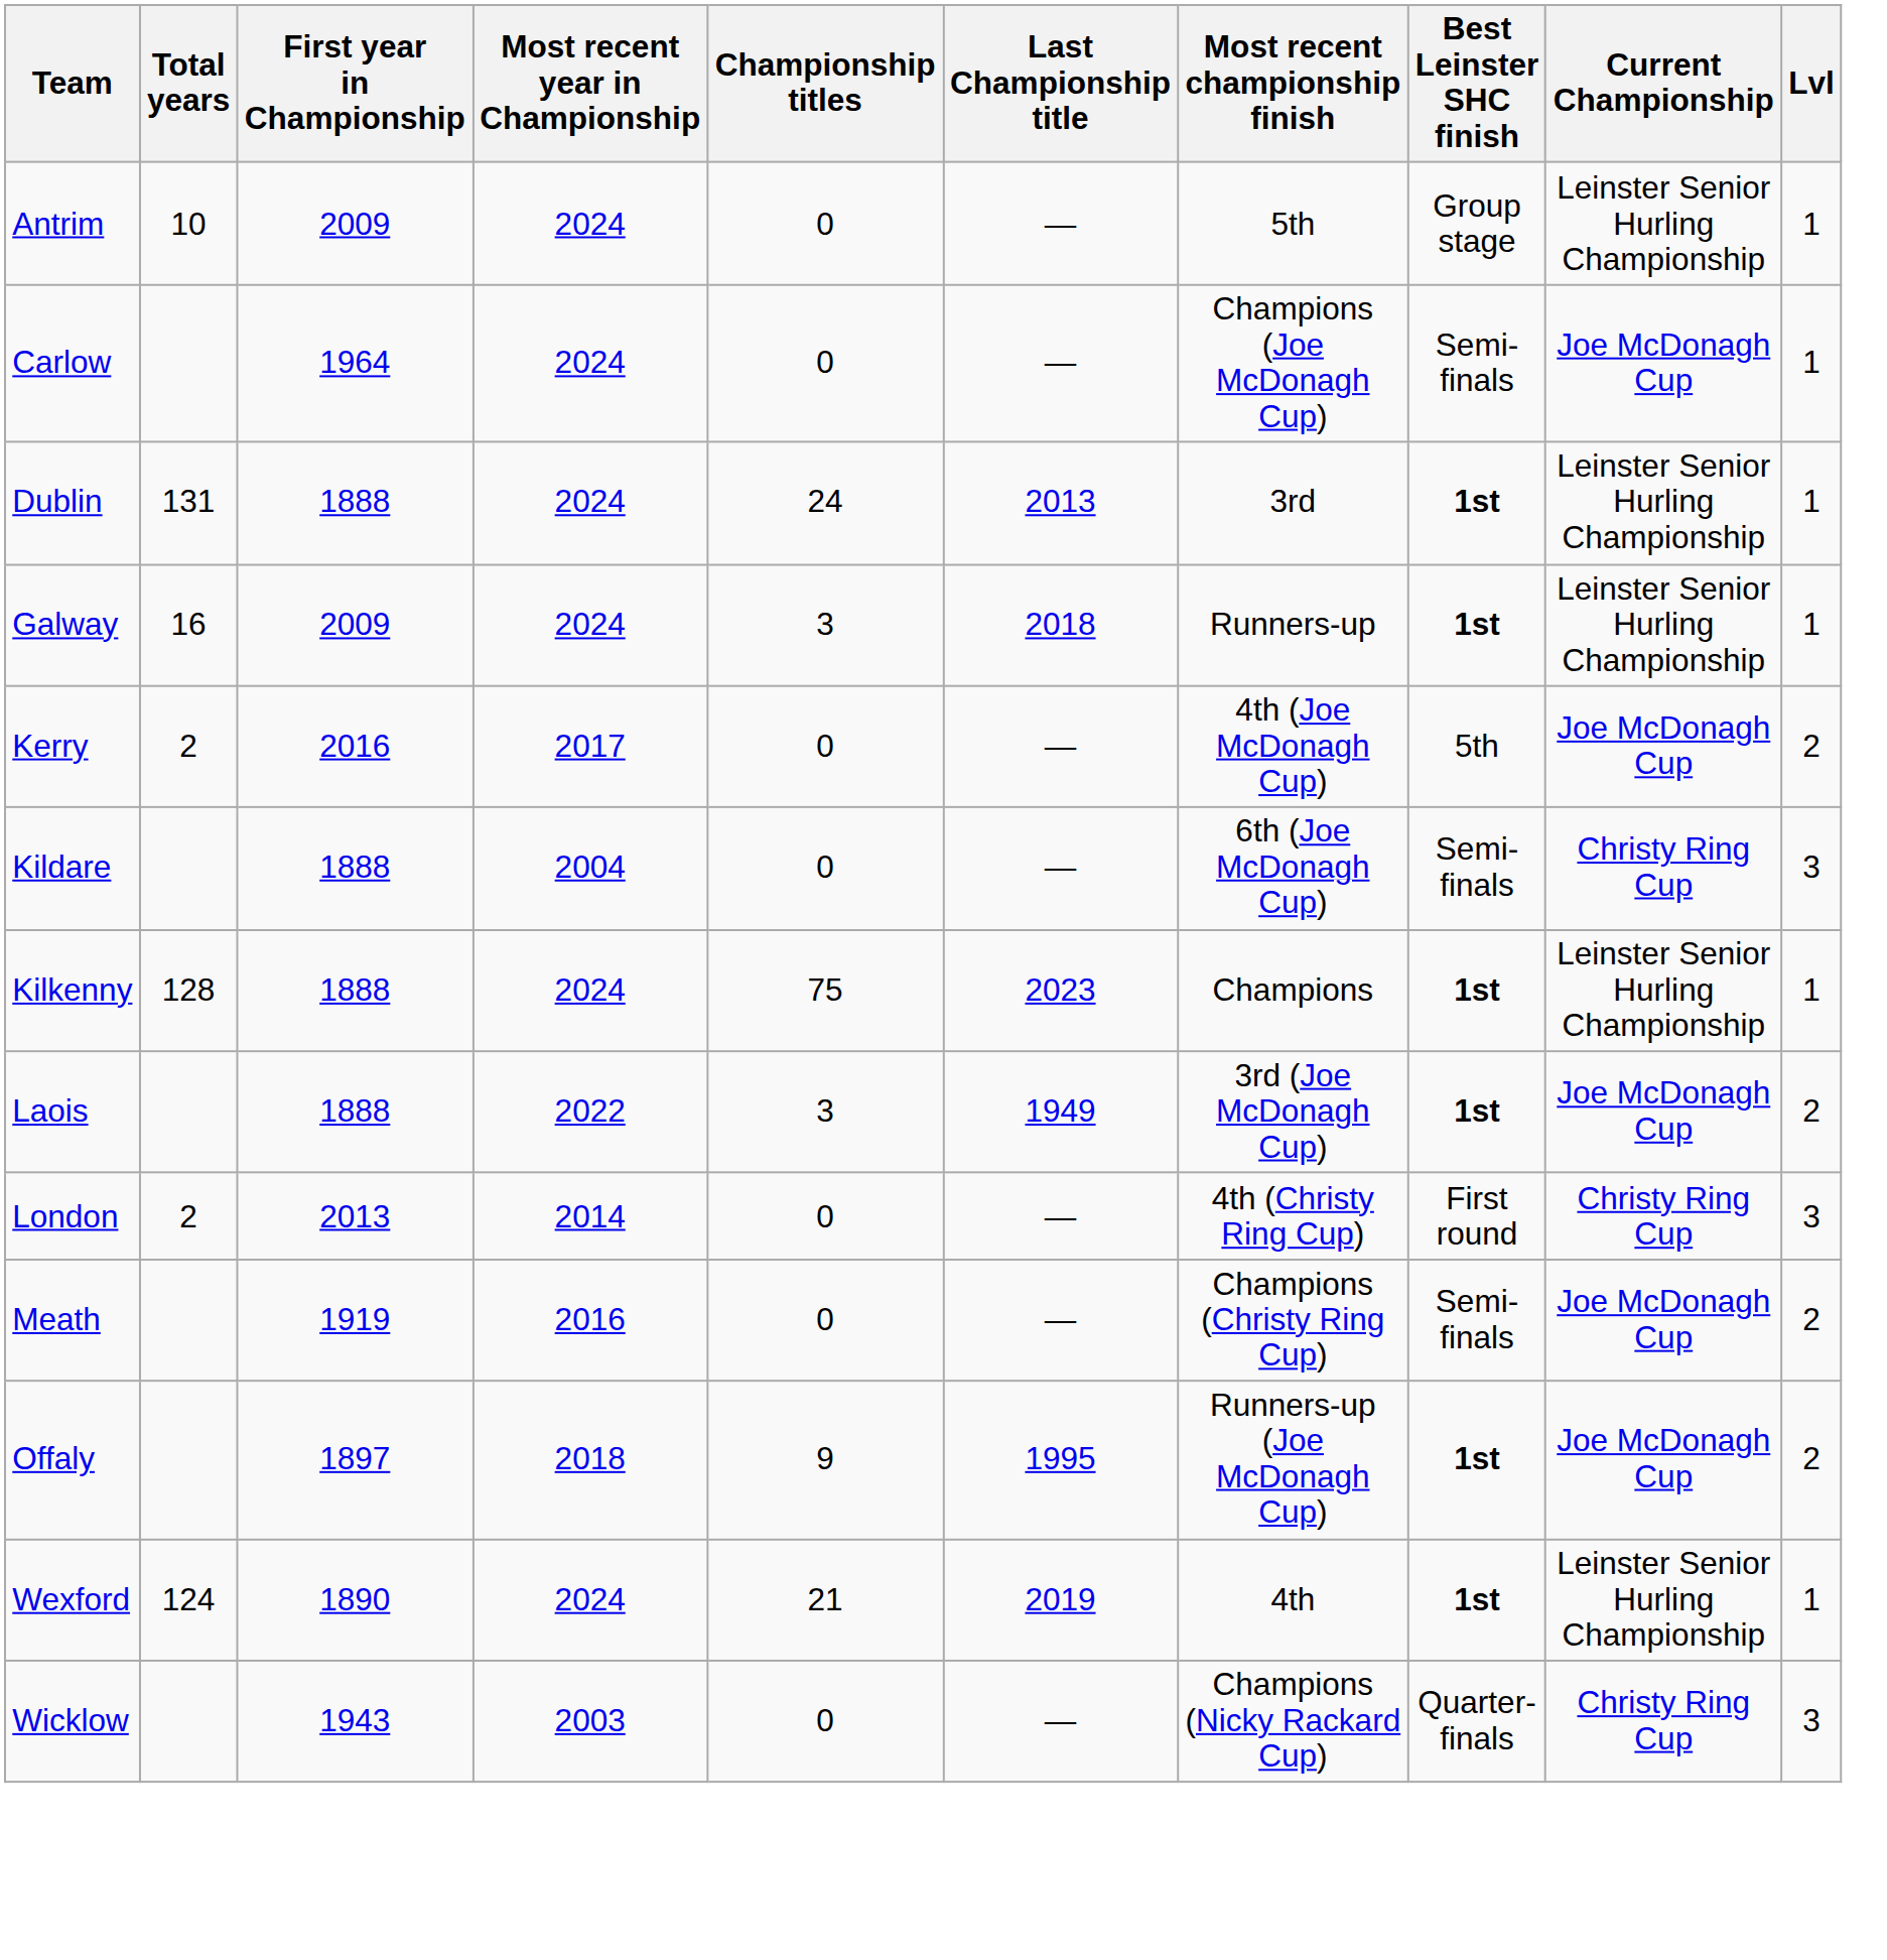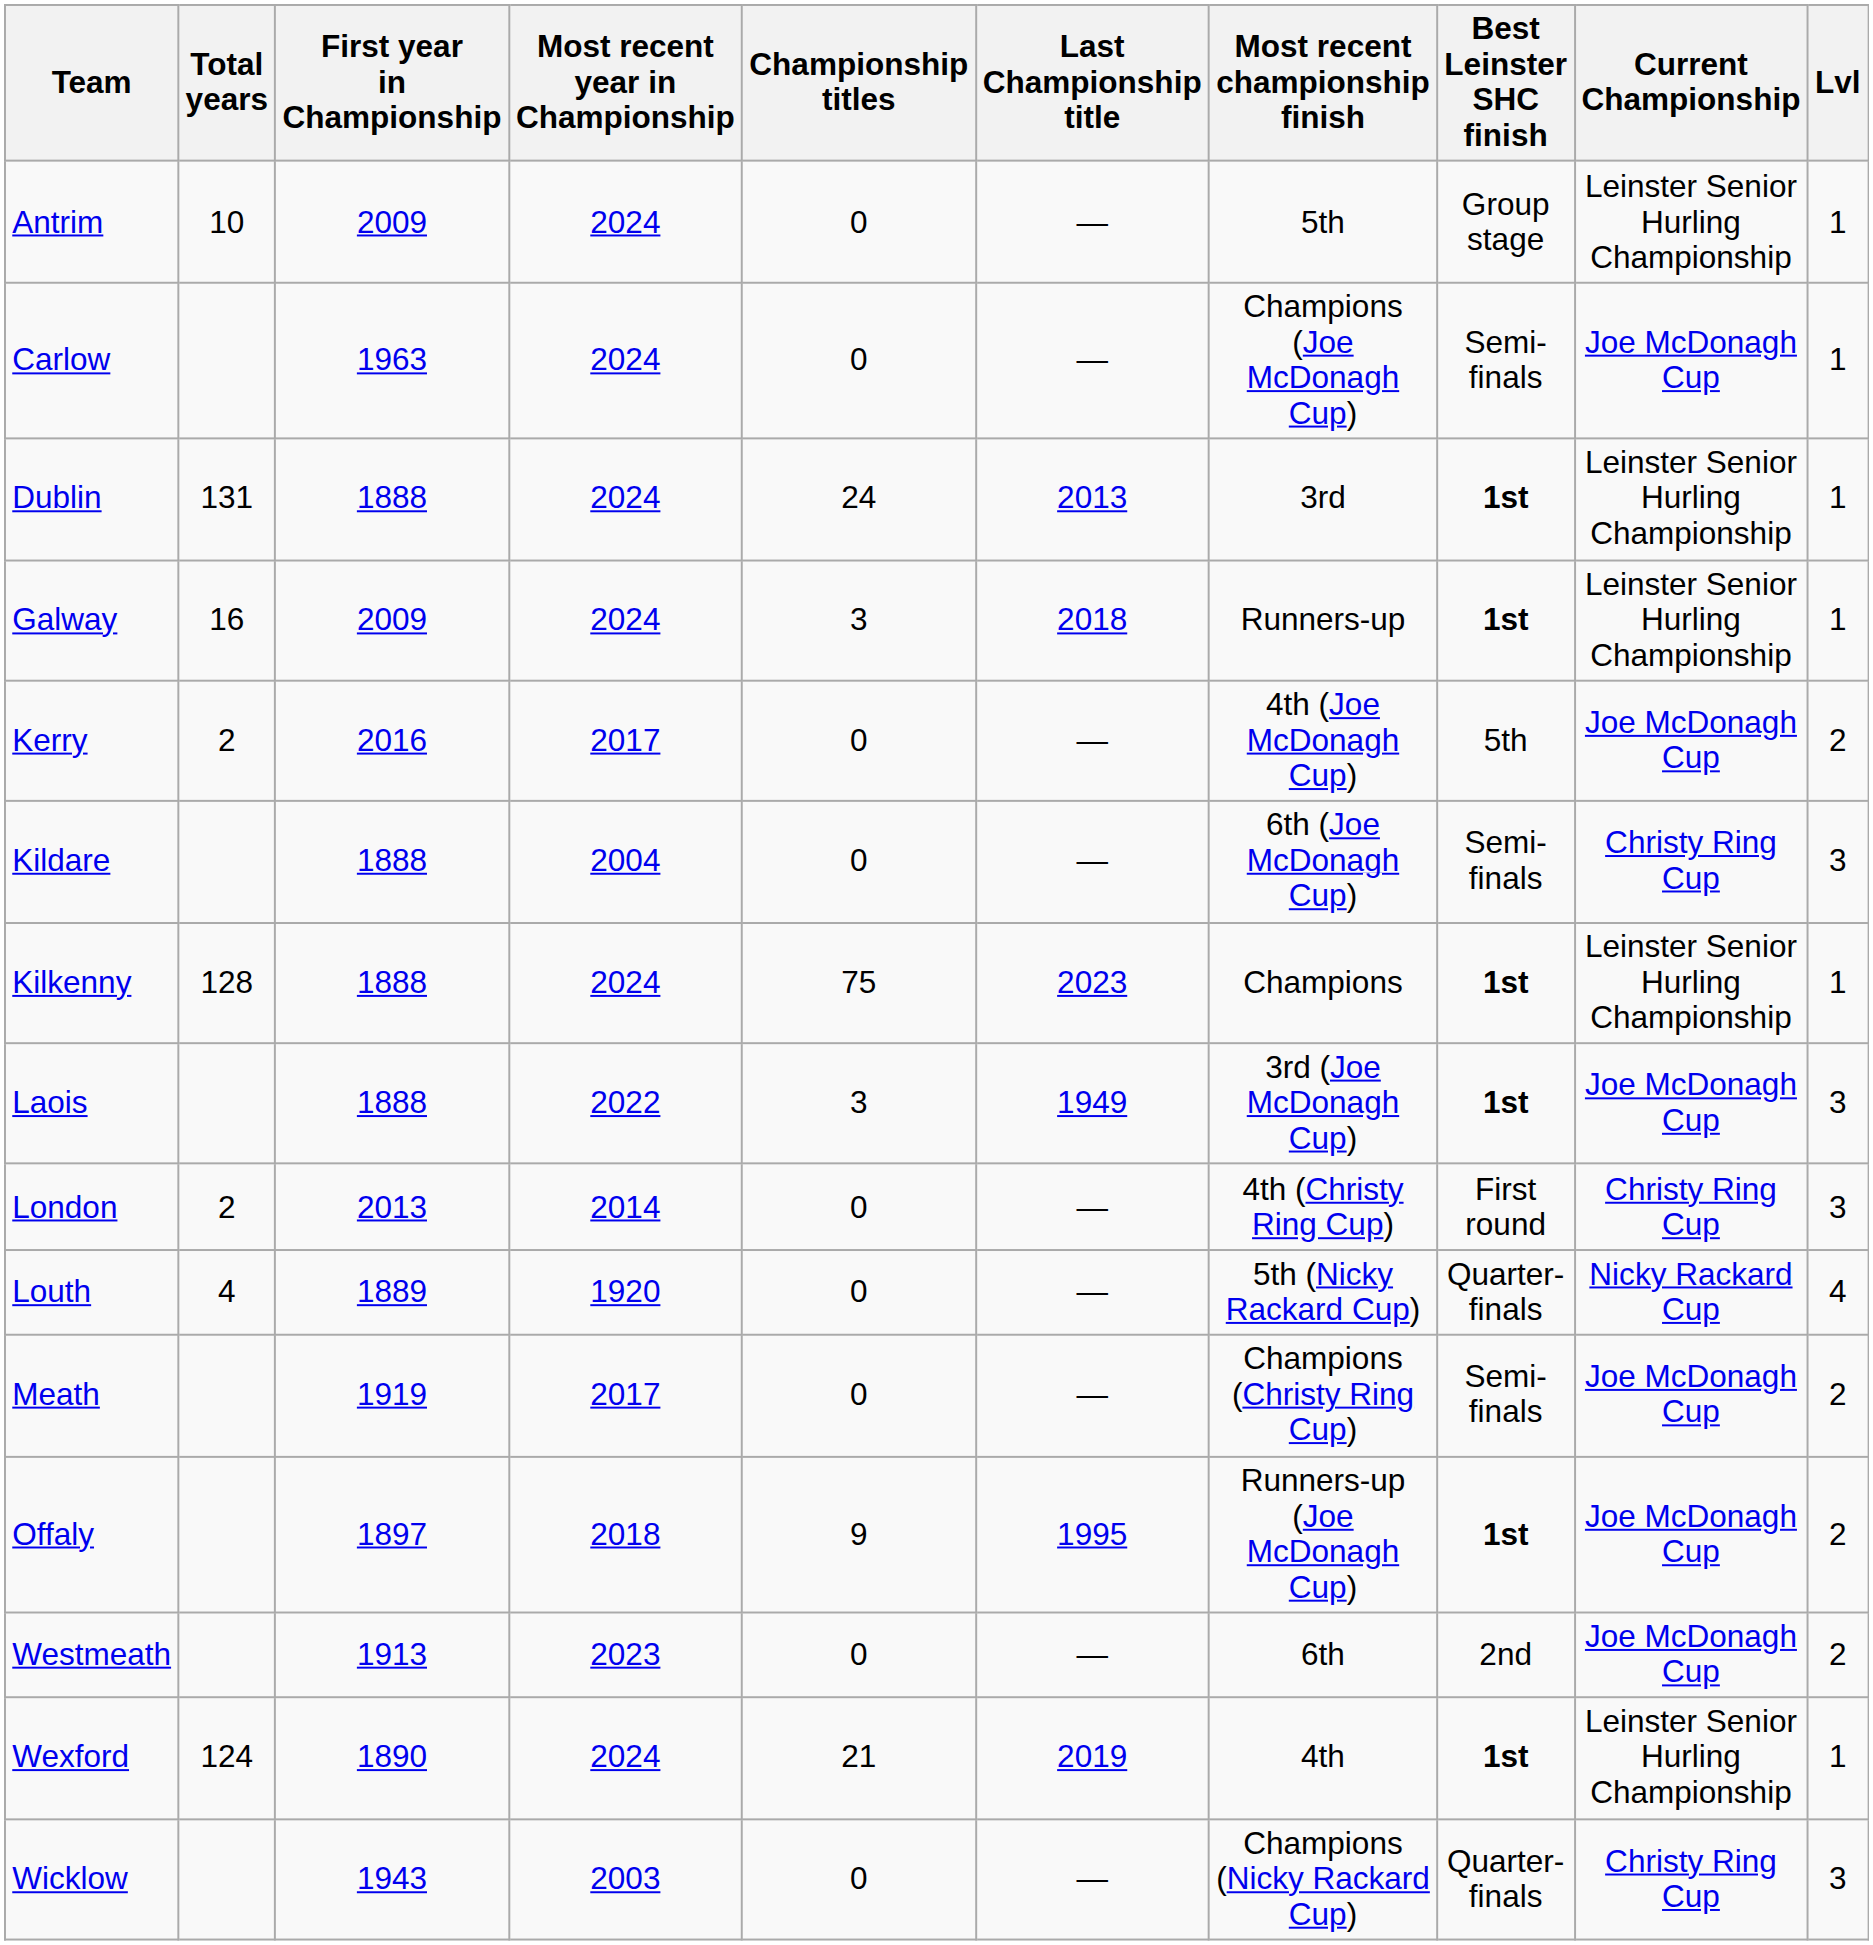 <table class="wikitable sortable" style="text-align:center">
 <tr>
 <th>Team</th>
 <th>Total years</th>
 <th>First year<br>in Championship</th>
 <th>Most recent<br>year in Championship</th>
 <th>Championship<br>titles</th>
 <th>Last<br>Championship title</th>
 <th>Most recent championship finish</th>
 <th>Best Leinster SHC finish</th>
 <th>Current<br>Championship</th>
 <th>Lvl</th>
 </tr>
 <tr>
 <td style="text-align:left"><a href='#'>Antrim</a></td>
 <td>10</td>
 <td><a href='#'>2009</a></td>
 <td><a href='#'>2024</a></td>
 <td>0</td>
 <td>—</td>
 <td>5th</td>
 <td>Group stage</td>
 <td>Leinster Senior Hurling Championship</td>
 <td>1</td>
 </tr>
 <tr>
 <td style="text-align:left"><a href='#'>Carlow</a></td>
 <td></td>
-<td><a href='#'>1964</a></td>
+<td><a href='#'>1963</a></td>
 <td><a href='#'>2024</a></td>
 <td>0</td>
 <td>—</td>
 <td>Champions (<a href='#'>Joe McDonagh Cup</a>)</td>
 <td>Semi-finals</td>
 <td><a href='#'>Joe McDonagh Cup</a></td>
 <td>1</td>
 </tr>
 <tr>
 <td style="text-align:left"><a href='#'>Dublin</a></td>
 <td>131</td>
 <td><a href='#'>1888</a></td>
 <td><a href='#'>2024</a></td>
 <td>24</td>
 <td><a href='#'>2013</a></td>
 <td>3rd</td>
 <td><strong>1st</strong></td>
 <td>Leinster Senior Hurling Championship</td>
 <td>1</td>
 </tr>
 <tr>
 <td style="text-align:left"><a href='#'>Galway</a></td>
 <td>16</td>
 <td><a href='#'>2009</a></td>
 <td><a href='#'>2024</a></td>
 <td>3</td>
 <td><a href='#'>2018</a></td>
 <td>Runners-up</td>
 <td><strong>1st</strong></td>
 <td>Leinster Senior Hurling Championship</td>
 <td>1</td>
 </tr>
 <tr>
 <td style="text-align:left"><a href='#'>Kerry</a></td>
 <td>2</td>
 <td><a href='#'>2016</a></td>
 <td><a href='#'>2017</a></td>
 <td>0</td>
 <td>—</td>
 <td>4th (<a href='#'>Joe McDonagh Cup</a>)</td>
 <td>5th</td>
 <td><a href='#'>Joe McDonagh Cup</a></td>
 <td>2</td>
 </tr>
 <tr>
 <td style="text-align:left"><a href='#'>Kildare</a></td>
 <td></td>
 <td><a href='#'>1888</a></td>
 <td><a href='#'>2004</a></td>
 <td>0</td>
 <td>—</td>
 <td>6th (<a href='#'>Joe McDonagh Cup</a>)</td>
 <td>Semi-finals</td>
 <td><a href='#'>Christy Ring Cup</a></td>
 <td>3</td>
 </tr>
 <tr>
 <td style="text-align:left"><a href='#'>Kilkenny</a></td>
 <td>128</td>
 <td><a href='#'>1888</a></td>
 <td><a href='#'>2024</a></td>
 <td>75</td>
 <td><a href='#'>2023</a></td>
 <td>Champions</td>
 <td><strong>1st</strong></td>
 <td>Leinster Senior Hurling Championship</td>
 <td>1</td>
 </tr>
 <tr>
 <td style="text-align:left"><a href='#'>Laois</a></td>
 <td></td>
 <td><a href='#'>1888</a></td>
 <td><a href='#'>2022</a></td>
 <td>3</td>
 <td><a href='#'>1949</a></td>
 <td>3rd (<a href='#'>Joe McDonagh Cup</a>)</td>
 <td><strong>1st</strong></td>
 <td><a href='#'>Joe McDonagh Cup</a></td>
-<td>2</td>
+<td>3</td>
 </tr>
 <tr>
 <td style="text-align:left"><a href='#'>London</a></td>
 <td>2</td>
 <td><a href='#'>2013</a></td>
 <td><a href='#'>2014</a></td>
 <td>0</td>
 <td>—</td>
 <td>4th (<a href='#'>Christy Ring Cup</a>)</td>
 <td>First round</td>
 <td><a href='#'>Christy Ring Cup</a></td>
 <td>3</td>
 </tr>
 <tr>
+<td style="text-align:left"><a href='#'>Louth</a></td>
+<td>4</td>
+<td><a href='#'>1889</a></td>
+<td><a href='#'>1920</a></td>
+<td>0</td>
+<td>—</td>
+<td>5th (<a href='#'>Nicky Rackard Cup</a>)</td>
+<td>Quarter-finals</td>
+<td><a href='#'>Nicky Rackard Cup</a></td>
+<td>4</td>
+</tr>
+<tr>
 <td style="text-align:left"><a href='#'>Meath</a></td>
 <td></td>
 <td><a href='#'>1919</a></td>
-<td><a href='#'>2016</a></td>
+<td><a href='#'>2017</a></td>
 <td>0</td>
 <td>—</td>
 <td>Champions (<a href='#'>Christy Ring Cup</a>)</td>
 <td>Semi-finals</td>
 <td><a href='#'>Joe McDonagh Cup</a></td>
 <td>2</td>
 </tr>
 <tr>
 <td style="text-align:left"><a href='#'>Offaly</a></td>
 <td></td>
 <td><a href='#'>1897</a></td>
 <td><a href='#'>2018</a></td>
 <td>9</td>
 <td><a href='#'>1995</a></td>
 <td>Runners-up (<a href='#'>Joe McDonagh Cup</a>)</td>
 <td><strong>1st</strong></td>
+<td><a href='#'>Joe McDonagh Cup</a></td>
+<td>2</td>
+</tr>
+<tr>
+<td style="text-align:left"><a href='#'>Westmeath</a></td>
+<td></td>
+<td><a href='#'>1913</a></td>
+<td><a href='#'>2023</a></td>
+<td>0</td>
+<td>—</td>
+<td>6th</td>
+<td>2nd</td>
 <td><a href='#'>Joe McDonagh Cup</a></td>
 <td>2</td>
 </tr>
 <tr>
 <td style="text-align:left"><a href='#'>Wexford</a></td>
 <td>124</td>
 <td><a href='#'>1890</a></td>
 <td><a href='#'>2024</a></td>
 <td>21</td>
 <td><a href='#'>2019</a></td>
 <td>4th</td>
 <td><strong>1st</strong></td>
 <td>Leinster Senior Hurling Championship</td>
 <td>1</td>
 </tr>
 <tr>
 <td style="text-align:left"><a href='#'>Wicklow</a></td>
 <td></td>
 <td><a href='#'>1943</a></td>
 <td><a href='#'>2003</a></td>
 <td>0</td>
 <td>—</td>
 <td>Champions (<a href='#'>Nicky Rackard Cup</a>)</td>
 <td>Quarter-finals</td>
 <td><a href='#'>Christy Ring Cup</a></td>
 <td>3</td>
 </tr>
 </table>
